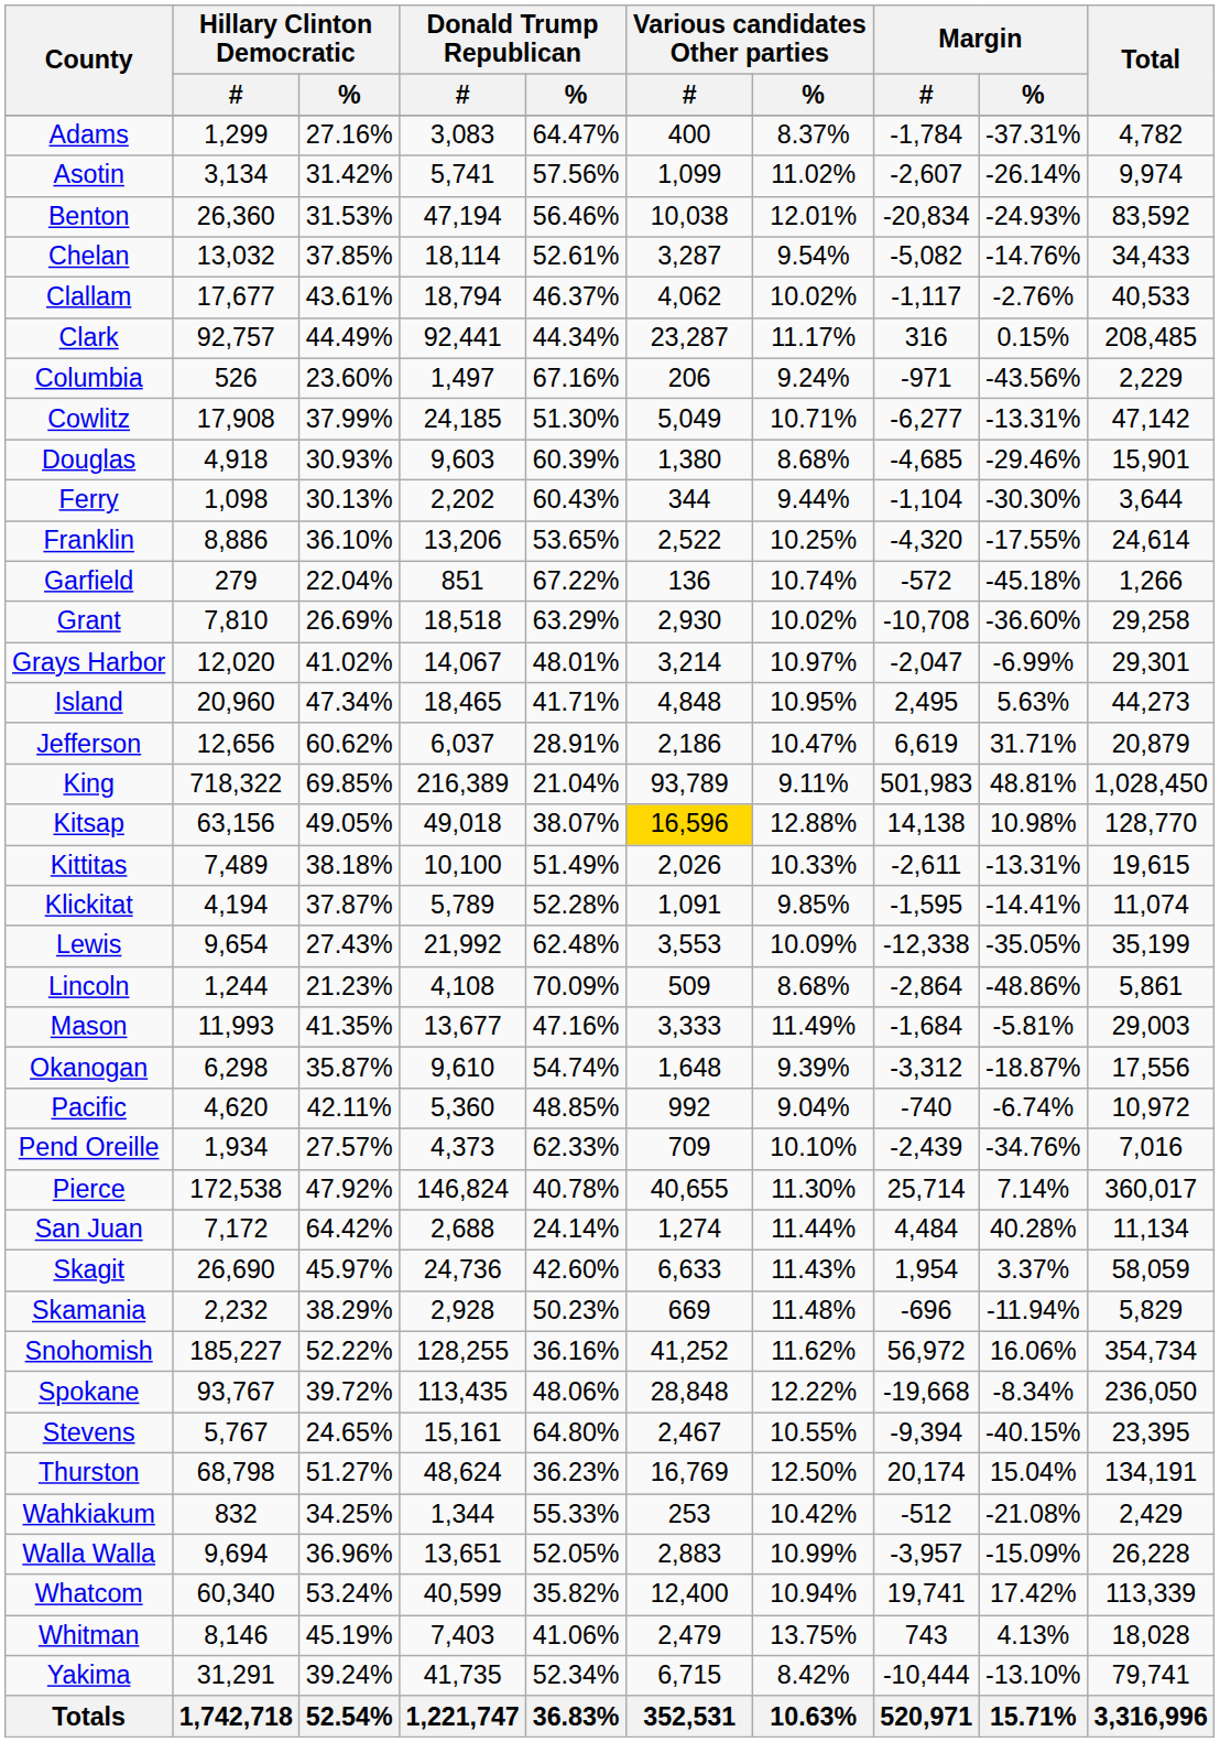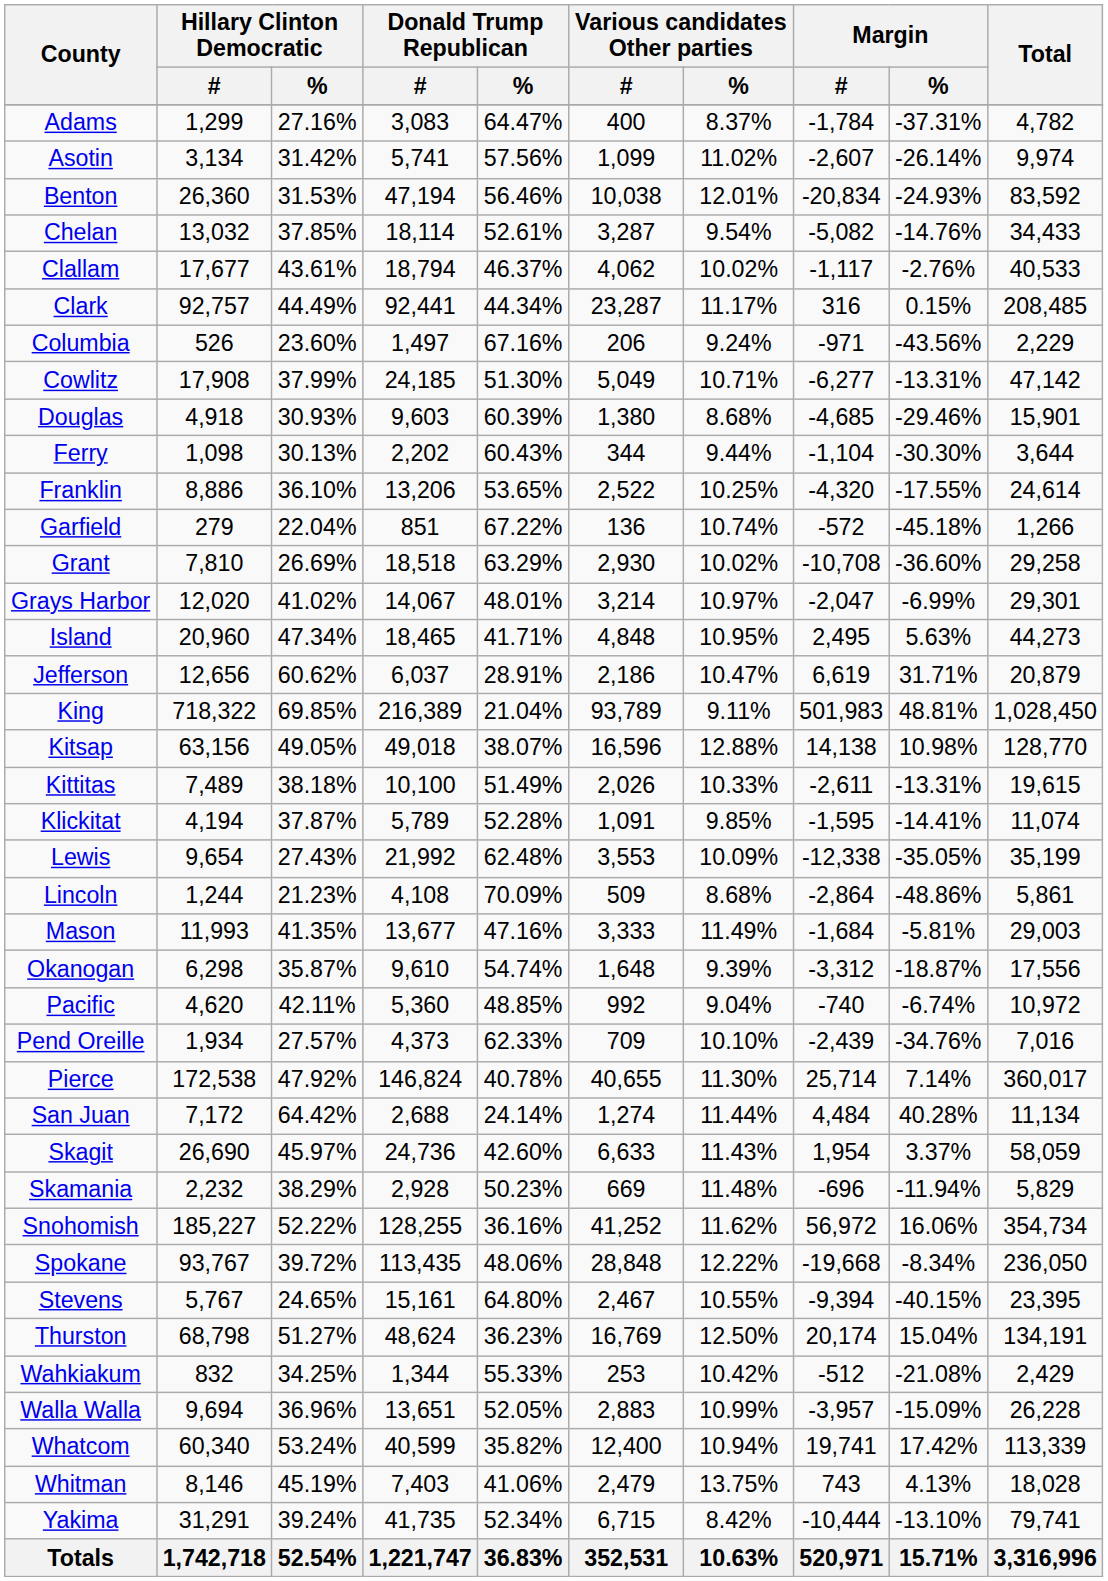 <table width="60%" class="wikitable sortable">
 <tr>
 <th rowspan="2">County</th>
 <th colspan="2">Hillary Clinton<br>Democratic</th>
 <th colspan="2">Donald Trump<br>Republican</th>
 <th colspan="2">Various candidates<br>Other parties</th>
 <th colspan="2">Margin</th>
 <th rowspan="2">Total</th>
 </tr>
 <tr>
 <th style="text-align:center;" data-sort-type="number">#</th>
 <th style="text-align:center;" data-sort-type="number">%</th>
 <th style="text-align:center;" data-sort-type="number">#</th>
 <th style="text-align:center;" data-sort-type="number">%</th>
 <th style="text-align:center;" data-sort-type="number">#</th>
 <th style="text-align:center;" data-sort-type="number">%</th>
 <th style="text-align:center;" data-sort-type="number">#</th>
 <th style="text-align:center;" data-sort-type="number">%</th>
 </tr>
 <tr>
 </tr>
 <tr style="text-align:center;">
 <td><a href='#'>Adams</a></td>
 <td>1,299</td>
 <td>27.16%</td>
 <td>3,083</td>
 <td>64.47%</td>
 <td>400</td>
 <td>8.37%</td>
 <td>-1,784</td>
 <td>-37.31%</td>
 <td>4,782</td>
 </tr>
 <tr style="text-align:center;">
 <td><a href='#'>Asotin</a></td>
 <td>3,134</td>
 <td>31.42%</td>
 <td>5,741</td>
 <td>57.56%</td>
 <td>1,099</td>
 <td>11.02%</td>
 <td>-2,607</td>
 <td>-26.14%</td>
 <td>9,974</td>
 </tr>
 <tr style="text-align:center;">
 <td><a href='#'>Benton</a></td>
 <td>26,360</td>
 <td>31.53%</td>
 <td>47,194</td>
 <td>56.46%</td>
 <td>10,038</td>
 <td>12.01%</td>
 <td>-20,834</td>
 <td>-24.93%</td>
 <td>83,592</td>
 </tr>
 <tr style="text-align:center;">
 <td><a href='#'>Chelan</a></td>
 <td>13,032</td>
 <td>37.85%</td>
 <td>18,114</td>
 <td>52.61%</td>
 <td>3,287</td>
 <td>9.54%</td>
 <td>-5,082</td>
 <td>-14.76%</td>
 <td>34,433</td>
 </tr>
 <tr style="text-align:center;">
 <td><a href='#'>Clallam</a></td>
 <td>17,677</td>
 <td>43.61%</td>
 <td>18,794</td>
 <td>46.37%</td>
 <td>4,062</td>
 <td>10.02%</td>
 <td>-1,117</td>
 <td>-2.76%</td>
 <td>40,533</td>
 </tr>
 <tr style="text-align:center;">
 <td><a href='#'>Clark</a></td>
 <td>92,757</td>
 <td>44.49%</td>
 <td>92,441</td>
 <td>44.34%</td>
 <td>23,287</td>
 <td>11.17%</td>
 <td>316</td>
 <td>0.15%</td>
 <td>208,485</td>
 </tr>
 <tr style="text-align:center;">
 <td><a href='#'>Columbia</a></td>
 <td>526</td>
 <td>23.60%</td>
 <td>1,497</td>
 <td>67.16%</td>
 <td>206</td>
 <td>9.24%</td>
 <td>-971</td>
 <td>-43.56%</td>
 <td>2,229</td>
 </tr>
 <tr style="text-align:center;">
 <td><a href='#'>Cowlitz</a></td>
 <td>17,908</td>
 <td>37.99%</td>
 <td>24,185</td>
 <td>51.30%</td>
 <td>5,049</td>
 <td>10.71%</td>
 <td>-6,277</td>
 <td>-13.31%</td>
 <td>47,142</td>
 </tr>
 <tr style="text-align:center;">
 <td><a href='#'>Douglas</a></td>
 <td>4,918</td>
 <td>30.93%</td>
 <td>9,603</td>
 <td>60.39%</td>
 <td>1,380</td>
 <td>8.68%</td>
 <td>-4,685</td>
 <td>-29.46%</td>
 <td>15,901</td>
 </tr>
 <tr style="text-align:center;">
 <td><a href='#'>Ferry</a></td>
 <td>1,098</td>
 <td>30.13%</td>
 <td>2,202</td>
 <td>60.43%</td>
 <td>344</td>
 <td>9.44%</td>
 <td>-1,104</td>
 <td>-30.30%</td>
 <td>3,644</td>
 </tr>
 <tr style="text-align:center;">
 <td><a href='#'>Franklin</a></td>
 <td>8,886</td>
 <td>36.10%</td>
 <td>13,206</td>
 <td>53.65%</td>
 <td>2,522</td>
 <td>10.25%</td>
 <td>-4,320</td>
 <td>-17.55%</td>
 <td>24,614</td>
 </tr>
 <tr style="text-align:center;">
 <td><a href='#'>Garfield</a></td>
 <td>279</td>
 <td>22.04%</td>
 <td>851</td>
 <td>67.22%</td>
 <td>136</td>
 <td>10.74%</td>
 <td>-572</td>
 <td>-45.18%</td>
 <td>1,266</td>
 </tr>
 <tr style="text-align:center;">
 <td><a href='#'>Grant</a></td>
 <td>7,810</td>
 <td>26.69%</td>
 <td>18,518</td>
 <td>63.29%</td>
 <td>2,930</td>
 <td>10.02%</td>
 <td>-10,708</td>
 <td>-36.60%</td>
 <td>29,258</td>
 </tr>
 <tr style="text-align:center;">
 <td><a href='#'>Grays Harbor</a></td>
 <td>12,020</td>
 <td>41.02%</td>
 <td>14,067</td>
 <td>48.01%</td>
 <td>3,214</td>
 <td>10.97%</td>
 <td>-2,047</td>
 <td>-6.99%</td>
 <td>29,301</td>
 </tr>
 <tr style="text-align:center;">
 <td><a href='#'>Island</a></td>
 <td>20,960</td>
 <td>47.34%</td>
 <td>18,465</td>
 <td>41.71%</td>
 <td>4,848</td>
 <td>10.95%</td>
 <td>2,495</td>
 <td>5.63%</td>
 <td>44,273</td>
 </tr>
 <tr style="text-align:center;">
 <td><a href='#'>Jefferson</a></td>
 <td>12,656</td>
 <td>60.62%</td>
 <td>6,037</td>
 <td>28.91%</td>
 <td>2,186</td>
 <td>10.47%</td>
 <td>6,619</td>
 <td>31.71%</td>
 <td>20,879</td>
 </tr>
 <tr style="text-align:center;">
 <td><a href='#'>King</a></td>
 <td>718,322</td>
 <td>69.85%</td>
 <td>216,389</td>
 <td>21.04%</td>
 <td>93,789</td>
 <td>9.11%</td>
 <td>501,983</td>
 <td>48.81%</td>
 <td>1,028,450</td>
 </tr>
 <tr style="text-align:center;">
 <td><a href='#'>Kitsap</a></td>
 <td>63,156</td>
 <td>49.05%</td>
 <td>49,018</td>
 <td>38.07%</td>
-<td style="background: gold;">16,596</td>
+<td>16,596</td>
 <td>12.88%</td>
 <td>14,138</td>
 <td>10.98%</td>
 <td>128,770</td>
 </tr>
 <tr style="text-align:center;">
 <td><a href='#'>Kittitas</a></td>
 <td>7,489</td>
 <td>38.18%</td>
 <td>10,100</td>
 <td>51.49%</td>
 <td>2,026</td>
 <td>10.33%</td>
 <td>-2,611</td>
 <td>-13.31%</td>
 <td>19,615</td>
 </tr>
 <tr style="text-align:center;">
 <td><a href='#'>Klickitat</a></td>
 <td>4,194</td>
 <td>37.87%</td>
 <td>5,789</td>
 <td>52.28%</td>
 <td>1,091</td>
 <td>9.85%</td>
 <td>-1,595</td>
 <td>-14.41%</td>
 <td>11,074</td>
 </tr>
 <tr style="text-align:center;">
 <td><a href='#'>Lewis</a></td>
 <td>9,654</td>
 <td>27.43%</td>
 <td>21,992</td>
 <td>62.48%</td>
 <td>3,553</td>
 <td>10.09%</td>
 <td>-12,338</td>
 <td>-35.05%</td>
 <td>35,199</td>
 </tr>
 <tr style="text-align:center;">
 <td><a href='#'>Lincoln</a></td>
 <td>1,244</td>
 <td>21.23%</td>
 <td>4,108</td>
 <td>70.09%</td>
 <td>509</td>
 <td>8.68%</td>
 <td>-2,864</td>
 <td>-48.86%</td>
 <td>5,861</td>
 </tr>
 <tr style="text-align:center;">
 <td><a href='#'>Mason</a></td>
 <td>11,993</td>
 <td>41.35%</td>
 <td>13,677</td>
 <td>47.16%</td>
 <td>3,333</td>
 <td>11.49%</td>
 <td>-1,684</td>
 <td>-5.81%</td>
 <td>29,003</td>
 </tr>
 <tr style="text-align:center;">
 <td><a href='#'>Okanogan</a></td>
 <td>6,298</td>
 <td>35.87%</td>
 <td>9,610</td>
 <td>54.74%</td>
 <td>1,648</td>
 <td>9.39%</td>
 <td>-3,312</td>
 <td>-18.87%</td>
 <td>17,556</td>
 </tr>
 <tr style="text-align:center;">
 <td><a href='#'>Pacific</a></td>
 <td>4,620</td>
 <td>42.11%</td>
 <td>5,360</td>
 <td>48.85%</td>
 <td>992</td>
 <td>9.04%</td>
 <td>-740</td>
 <td>-6.74%</td>
 <td>10,972</td>
 </tr>
 <tr style="text-align:center;">
 <td><a href='#'>Pend Oreille</a></td>
 <td>1,934</td>
 <td>27.57%</td>
 <td>4,373</td>
 <td>62.33%</td>
 <td>709</td>
 <td>10.10%</td>
 <td>-2,439</td>
 <td>-34.76%</td>
 <td>7,016</td>
 </tr>
 <tr style="text-align:center;">
 <td><a href='#'>Pierce</a></td>
 <td>172,538</td>
 <td>47.92%</td>
 <td>146,824</td>
 <td>40.78%</td>
 <td>40,655</td>
 <td>11.30%</td>
 <td>25,714</td>
 <td>7.14%</td>
 <td>360,017</td>
 </tr>
 <tr style="text-align:center;">
 <td><a href='#'>San Juan</a></td>
 <td>7,172</td>
 <td>64.42%</td>
 <td>2,688</td>
 <td>24.14%</td>
 <td>1,274</td>
 <td>11.44%</td>
 <td>4,484</td>
 <td>40.28%</td>
 <td>11,134</td>
 </tr>
 <tr style="text-align:center;">
 <td><a href='#'>Skagit</a></td>
 <td>26,690</td>
 <td>45.97%</td>
 <td>24,736</td>
 <td>42.60%</td>
 <td>6,633</td>
 <td>11.43%</td>
 <td>1,954</td>
 <td>3.37%</td>
 <td>58,059</td>
 </tr>
 <tr style="text-align:center;">
 <td><a href='#'>Skamania</a></td>
 <td>2,232</td>
 <td>38.29%</td>
 <td>2,928</td>
 <td>50.23%</td>
 <td>669</td>
 <td>11.48%</td>
 <td>-696</td>
 <td>-11.94%</td>
 <td>5,829</td>
 </tr>
 <tr style="text-align:center;">
 <td><a href='#'>Snohomish</a></td>
 <td>185,227</td>
 <td>52.22%</td>
 <td>128,255</td>
 <td>36.16%</td>
 <td>41,252</td>
 <td>11.62%</td>
 <td>56,972</td>
 <td>16.06%</td>
 <td>354,734</td>
 </tr>
 <tr style="text-align:center;">
 <td><a href='#'>Spokane</a></td>
 <td>93,767</td>
 <td>39.72%</td>
 <td>113,435</td>
 <td>48.06%</td>
 <td>28,848</td>
 <td>12.22%</td>
 <td>-19,668</td>
 <td>-8.34%</td>
 <td>236,050</td>
 </tr>
 <tr style="text-align:center;">
 <td><a href='#'>Stevens</a></td>
 <td>5,767</td>
 <td>24.65%</td>
 <td>15,161</td>
 <td>64.80%</td>
 <td>2,467</td>
 <td>10.55%</td>
 <td>-9,394</td>
 <td>-40.15%</td>
 <td>23,395</td>
 </tr>
 <tr style="text-align:center;">
 <td><a href='#'>Thurston</a></td>
 <td>68,798</td>
 <td>51.27%</td>
 <td>48,624</td>
 <td>36.23%</td>
 <td>16,769</td>
 <td>12.50%</td>
 <td>20,174</td>
 <td>15.04%</td>
 <td>134,191</td>
 </tr>
 <tr style="text-align:center;">
 <td><a href='#'>Wahkiakum</a></td>
 <td>832</td>
 <td>34.25%</td>
 <td>1,344</td>
 <td>55.33%</td>
 <td>253</td>
 <td>10.42%</td>
 <td>-512</td>
 <td>-21.08%</td>
 <td>2,429</td>
 </tr>
 <tr style="text-align:center;">
 <td><a href='#'>Walla Walla</a></td>
 <td>9,694</td>
 <td>36.96%</td>
 <td>13,651</td>
 <td>52.05%</td>
 <td>2,883</td>
 <td>10.99%</td>
 <td>-3,957</td>
 <td>-15.09%</td>
 <td>26,228</td>
 </tr>
 <tr style="text-align:center;">
 <td><a href='#'>Whatcom</a></td>
 <td>60,340</td>
 <td>53.24%</td>
 <td>40,599</td>
 <td>35.82%</td>
 <td>12,400</td>
 <td>10.94%</td>
 <td>19,741</td>
 <td>17.42%</td>
 <td>113,339</td>
 </tr>
 <tr style="text-align:center;">
 <td><a href='#'>Whitman</a></td>
 <td>8,146</td>
 <td>45.19%</td>
 <td>7,403</td>
 <td>41.06%</td>
 <td>2,479</td>
 <td>13.75%</td>
 <td>743</td>
 <td>4.13%</td>
 <td>18,028</td>
 </tr>
 <tr style="text-align:center;">
 <td><a href='#'>Yakima</a></td>
 <td>31,291</td>
 <td>39.24%</td>
 <td>41,735</td>
 <td>52.34%</td>
 <td>6,715</td>
 <td>8.42%</td>
 <td>-10,444</td>
 <td>-13.10%</td>
 <td>79,741</td>
 </tr>
 <tr>
 <th>Totals</th>
 <th>1,742,718</th>
 <th>52.54%</th>
 <th>1,221,747</th>
 <th>36.83%</th>
 <th>352,531</th>
 <th>10.63%</th>
 <th>520,971</th>
 <th>15.71%</th>
 <th>3,316,996</th>
 </tr>
 </table>
